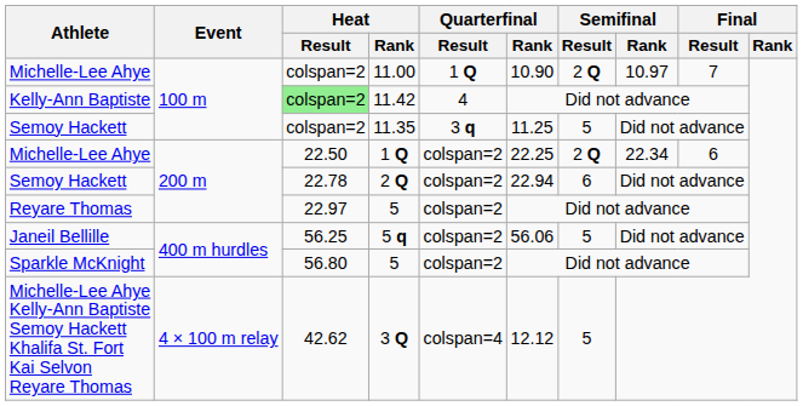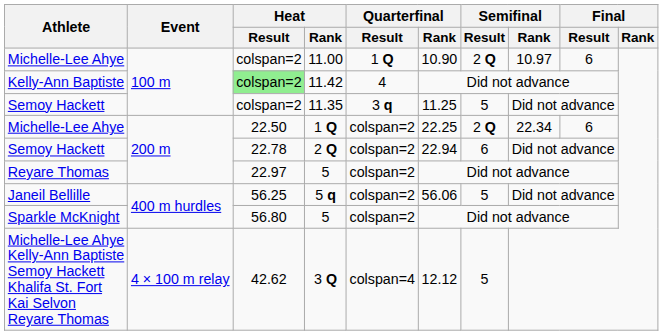 <table class="wikitable" style="font-size:90%">
 <tr>
 <th rowspan="2">Athlete</th>
 <th rowspan="2">Event</th>
 <th colspan="2">Heat</th>
 <th colspan="2">Quarterfinal</th>
 <th colspan="2">Semifinal</th>
 <th colspan="2">Final</th>
 </tr>
 <tr style="font-size:95%">
 <th>Result</th>
 <th>Rank</th>
 <th>Result</th>
 <th>Rank</th>
 <th>Result</th>
 <th>Rank</th>
 <th>Result</th>
 <th>Rank</th>
 </tr>
 <tr align=center>
 <td align=left><a href='#'>Michelle-Lee Ahye</a></td>
 <td align=left rowspan=3><a href='#'>100 m</a></td>
 <td>colspan=2 </td>
 <td>11.00</td>
 <td>1 <strong>Q</strong></td>
 <td>10.90</td>
 <td>2 <strong>Q</strong></td>
 <td>10.97</td>
-<td>7</td>
+<td>6</td>
 </tr>
 <tr align=center>
 <td align=left><a href='#'>Kelly-Ann Baptiste</a></td>
 <td style="background: lightgreen;">colspan=2 </td>
 <td>11.42</td>
 <td>4</td>
 <td colspan=4>Did not advance</td>
 </tr>
 <tr align=center>
 <td align=left><a href='#'>Semoy Hackett</a></td>
 <td>colspan=2 </td>
 <td>11.35</td>
 <td>3 <strong>q</strong></td>
 <td>11.25</td>
 <td>5</td>
 <td colspan=2>Did not advance</td>
 </tr>
 <tr align=center>
 <td align=left><a href='#'>Michelle-Lee Ahye</a></td>
 <td align=left rowspan=3><a href='#'>200 m</a></td>
 <td>22.50</td>
 <td>1 <strong>Q</strong></td>
 <td>colspan=2 </td>
 <td>22.25</td>
 <td>2 <strong>Q</strong></td>
 <td>22.34</td>
 <td>6</td>
 </tr>
 <tr align=center>
 <td align=left><a href='#'>Semoy Hackett</a></td>
 <td>22.78</td>
 <td>2 <strong>Q</strong></td>
 <td>colspan=2 </td>
 <td>22.94</td>
 <td>6</td>
 <td colspan=2>Did not advance</td>
 </tr>
 <tr align=center>
 <td align=left><a href='#'>Reyare Thomas</a></td>
 <td>22.97</td>
 <td>5</td>
 <td>colspan=2 </td>
 <td colspan=4>Did not advance</td>
 </tr>
 <tr align=center>
 <td align=left><a href='#'>Janeil Bellille</a></td>
 <td align=left rowspan=2><a href='#'>400 m hurdles</a></td>
 <td>56.25</td>
 <td>5 <strong>q</strong></td>
 <td>colspan=2 </td>
 <td>56.06</td>
 <td>5</td>
 <td colspan=2>Did not advance</td>
 </tr>
 <tr align=center>
 <td align=left><a href='#'>Sparkle McKnight</a></td>
 <td>56.80</td>
 <td>5</td>
 <td>colspan=2 </td>
 <td colspan=4>Did not advance</td>
 </tr>
 <tr align=center>
 <td align=left><a href='#'>Michelle-Lee Ahye</a><br><a href='#'>Kelly-Ann Baptiste</a><br><a href='#'>Semoy Hackett</a><br><a href='#'>Khalifa St. Fort</a><br><a href='#'>Kai Selvon</a><br><a href='#'>Reyare Thomas</a></td>
 <td align=left><a href='#'>4 × 100 m relay</a></td>
 <td>42.62</td>
 <td>3 <strong>Q</strong></td>
 <td>colspan=4 </td>
 <td>12.12</td>
 <td>5</td>
 </tr>
 </table>
